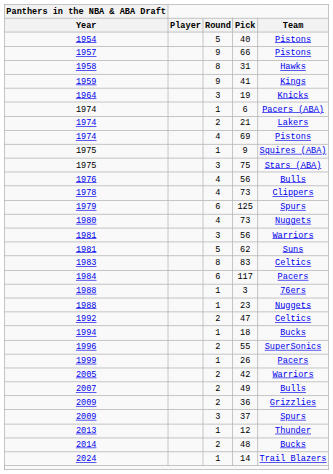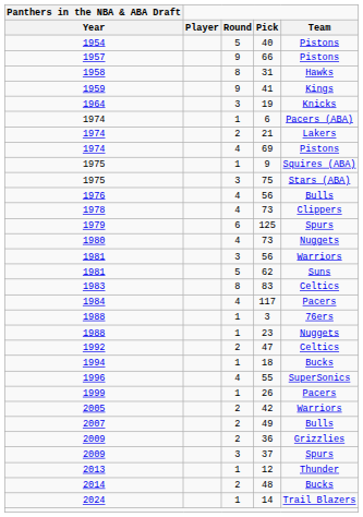 <table class="wikitable sortable collapsible" style="text-align:center;">
 <tr>
 <th>Panthers in the NBA & ABA Draft</th>
 </tr>
 <tr>
 <th width="*">Year</th>
 <th width="*">Player</th>
 <th width="*">Round</th>
 <th width="*">Pick</th>
 <th width="*">Team</th>
 </tr>
 <tr>
 <td><a href='#'>1954</a></td>
 <td></td>
 <td>5</td>
 <td>40</td>
 <td><a href='#'>Pistons</a></td>
 </tr>
 <tr>
 <td><a href='#'>1957</a></td>
 <td></td>
 <td>9</td>
 <td>66</td>
 <td><a href='#'>Pistons</a></td>
 </tr>
 <tr>
 <td><a href='#'>1958</a></td>
 <td></td>
 <td>8</td>
 <td>31</td>
 <td><a href='#'>Hawks</a></td>
 </tr>
 <tr>
 <td><a href='#'>1959</a></td>
 <td></td>
 <td>9</td>
 <td>41</td>
 <td><a href='#'>Kings</a></td>
 </tr>
 <tr>
 <td><a href='#'>1964</a></td>
 <td></td>
 <td>3</td>
 <td>19</td>
 <td><a href='#'>Knicks</a></td>
 </tr>
 <tr>
 <td>1974</td>
 <td></td>
 <td>1</td>
 <td>6</td>
 <td><a href='#'>Pacers (ABA)</a></td>
 </tr>
 <tr>
 <td><a href='#'>1974</a></td>
 <td></td>
 <td>2</td>
 <td>21</td>
 <td><a href='#'>Lakers</a></td>
 </tr>
 <tr>
 <td><a href='#'>1974</a></td>
 <td></td>
 <td>4</td>
 <td>69</td>
 <td><a href='#'>Pistons</a></td>
 </tr>
 <tr>
 <td>1975</td>
 <td></td>
 <td>1</td>
 <td>9</td>
 <td><a href='#'>Squires (ABA)</a></td>
 </tr>
 <tr>
 <td>1975</td>
 <td></td>
 <td>3</td>
 <td>75</td>
 <td><a href='#'>Stars (ABA)</a></td>
 </tr>
 <tr>
 <td><a href='#'>1976</a></td>
 <td></td>
 <td>4</td>
 <td>56</td>
 <td><a href='#'>Bulls</a></td>
 </tr>
 <tr>
 <td><a href='#'>1978</a></td>
 <td></td>
 <td>4</td>
 <td>73</td>
 <td><a href='#'>Clippers</a></td>
 </tr>
 <tr>
 <td><a href='#'>1979</a></td>
 <td></td>
 <td>6</td>
 <td>125</td>
 <td><a href='#'>Spurs</a></td>
 </tr>
 <tr>
 <td><a href='#'>1980</a></td>
 <td></td>
 <td>4</td>
 <td>73</td>
 <td><a href='#'>Nuggets</a></td>
 </tr>
 <tr>
 <td><a href='#'>1981</a></td>
 <td></td>
 <td>3</td>
 <td>56</td>
 <td><a href='#'>Warriors</a></td>
 </tr>
 <tr>
 <td><a href='#'>1981</a></td>
 <td></td>
 <td>5</td>
 <td>62</td>
 <td><a href='#'>Suns</a></td>
 </tr>
 <tr>
 <td><a href='#'>1983</a></td>
 <td></td>
 <td>8</td>
 <td>83</td>
 <td><a href='#'>Celtics</a></td>
 </tr>
 <tr>
 <td><a href='#'>1984</a></td>
 <td></td>
-<td>6</td>
+<td>4</td>
 <td>117</td>
 <td><a href='#'>Pacers</a></td>
 </tr>
 <tr>
 <td><a href='#'>1988</a></td>
 <td></td>
 <td>1</td>
 <td>3</td>
 <td><a href='#'>76ers</a></td>
 </tr>
 <tr>
 <td><a href='#'>1988</a></td>
 <td></td>
 <td>1</td>
 <td>23</td>
 <td><a href='#'>Nuggets</a></td>
 </tr>
 <tr>
 <td><a href='#'>1992</a></td>
 <td></td>
 <td>2</td>
 <td>47</td>
 <td><a href='#'>Celtics</a></td>
 </tr>
 <tr>
 <td><a href='#'>1994</a></td>
 <td></td>
 <td>1</td>
 <td>18</td>
 <td><a href='#'>Bucks</a></td>
 </tr>
 <tr>
 <td><a href='#'>1996</a></td>
 <td></td>
-<td>2</td>
+<td>4</td>
 <td>55</td>
 <td><a href='#'>SuperSonics</a></td>
 </tr>
 <tr>
 <td><a href='#'>1999</a></td>
 <td></td>
 <td>1</td>
 <td>26</td>
 <td><a href='#'>Pacers</a></td>
 </tr>
 <tr>
 <td><a href='#'>2005</a></td>
 <td></td>
 <td>2</td>
 <td>42</td>
 <td><a href='#'>Warriors</a></td>
 </tr>
 <tr>
 <td><a href='#'>2007</a></td>
 <td></td>
 <td>2</td>
 <td>49</td>
 <td><a href='#'>Bulls</a></td>
 </tr>
 <tr>
 <td><a href='#'>2009</a></td>
 <td></td>
 <td>2</td>
 <td>36</td>
 <td><a href='#'>Grizzlies</a></td>
 </tr>
 <tr>
 <td><a href='#'>2009</a></td>
 <td></td>
 <td>3</td>
 <td>37</td>
 <td><a href='#'>Spurs</a></td>
 </tr>
 <tr>
 <td><a href='#'>2013</a></td>
 <td></td>
 <td>1</td>
 <td>12</td>
 <td><a href='#'>Thunder</a></td>
 </tr>
 <tr>
 <td><a href='#'>2014</a></td>
 <td></td>
 <td>2</td>
 <td>48</td>
 <td><a href='#'>Bucks</a></td>
 </tr>
 <tr>
 <td><a href='#'>2024</a></td>
 <td></td>
 <td>1</td>
 <td>14</td>
 <td><a href='#'>Trail Blazers</a></td>
 </tr>
 <tr class="sortbottom">
 <td colspan=5 style="text-align:left;"></td>
 </tr>
 </table>
